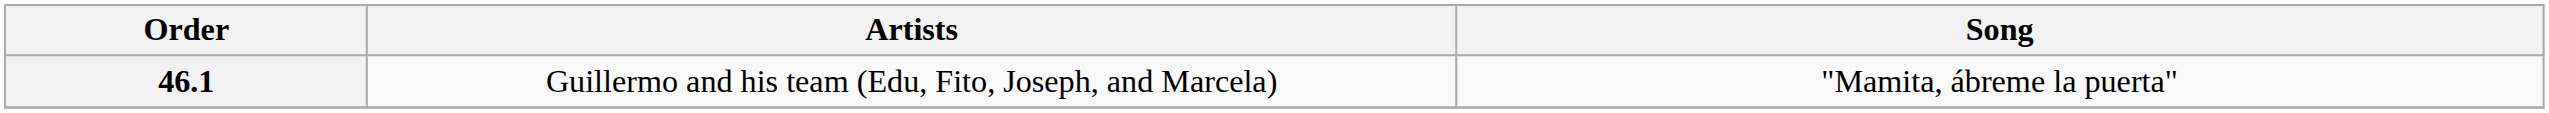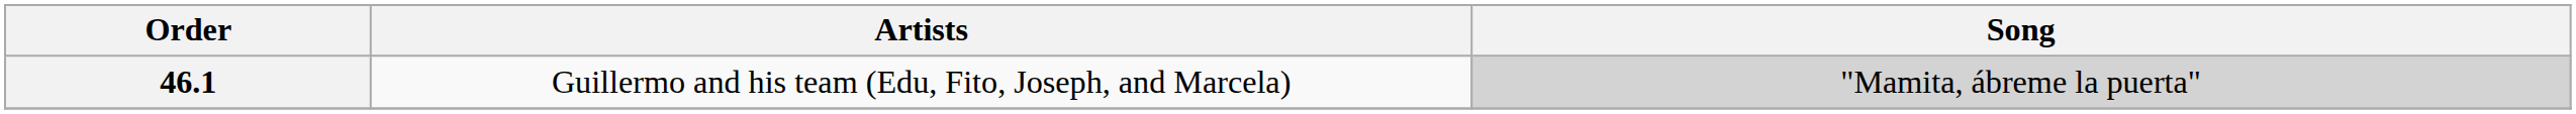 <table class="wikitable" style="text-align: center; width:100%">
 <tr>
 <th style="width:05%">Order</th>
 <th style="width:15%">Artists</th>
 <th style="width:15%">Song</th>
 </tr>
 <tr>
 <th>46.1</th>
 <td>Guillermo and his team (Edu, Fito, Joseph, and Marcela)</td>
-<td>"Mamita, ábreme la puerta"</td>
+<td style="background: lightgrey;">"Mamita, ábreme la puerta"</td>
 </tr>
 <tr>
 </tr>
 </table>
